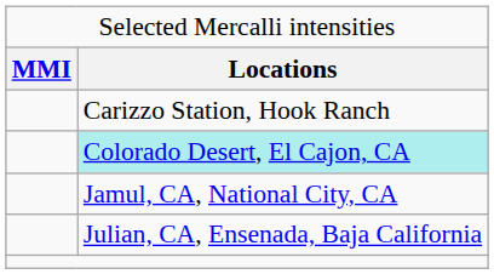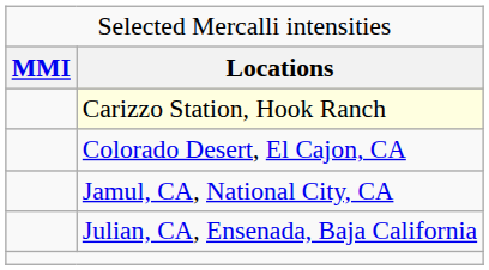 <table style="float: right;" border="3" class="wikitable">
 <tr>
 <td colspan="2" style="text-align: center;">Selected Mercalli intensities</td>
 </tr>
 <tr>
 <th><a href='#'>MMI</a></th>
 <th>Locations</th>
 </tr>
 <tr>
 <td></td>
-<td>Carizzo Station, Hook Ranch</td>
+<td style="background: lightyellow;">Carizzo Station, Hook Ranch</td>
 </tr>
 <tr>
 <td></td>
-<td style="background: paleturquoise;"><a href='#'>Colorado Desert</a>, <a href='#'>El Cajon, CA</a></td>
+<td><a href='#'>Colorado Desert</a>, <a href='#'>El Cajon, CA</a></td>
 </tr>
 <tr>
 <td></td>
 <td><a href='#'>Jamul, CA</a>, <a href='#'>National City, CA</a></td>
 </tr>
 <tr>
 <td></td>
 <td><a href='#'>Julian, CA</a>, <a href='#'>Ensenada, Baja California</a></td>
 </tr>
 <tr>
 <td colspan="3" style="text-align: center;"><small></small></td>
 </tr>
 </table>
